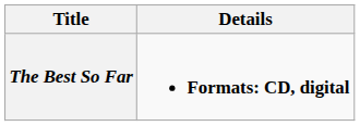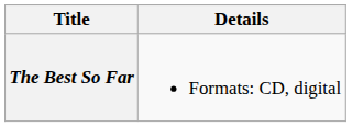 <table class="wikitable plainrowheaders" style="text-align:center;" border="1">
 <tr>
 <th>Title</th>
 <th>Details</th>
 </tr>
 <tr>
 <th scope="row"><em>The Best So Far</em></th>
-<td><strong><br><ul><li>Formats: CD, digital</li></ul></strong></td>
+<td><br><ul><li>Formats: CD, digital</li></ul></td>
 </tr>
 </table>
